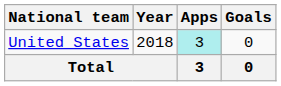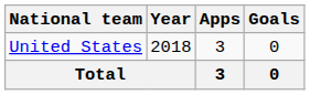 <table class="wikitable" style="text-align:center">
 <tr>
 <th>National team</th>
 <th>Year</th>
 <th>Apps</th>
 <th>Goals</th>
 </tr>
 <tr>
 <td rowspan=1><a href='#'>United States</a></td>
 <td>2018</td>
-<td style="background: paleturquoise;">3</td>
+<td>3</td>
 <td>0</td>
 </tr>
 <tr>
 <th colspan="2">Total</th>
 <th>3</th>
 <th>0</th>
 </tr>
 </table>
